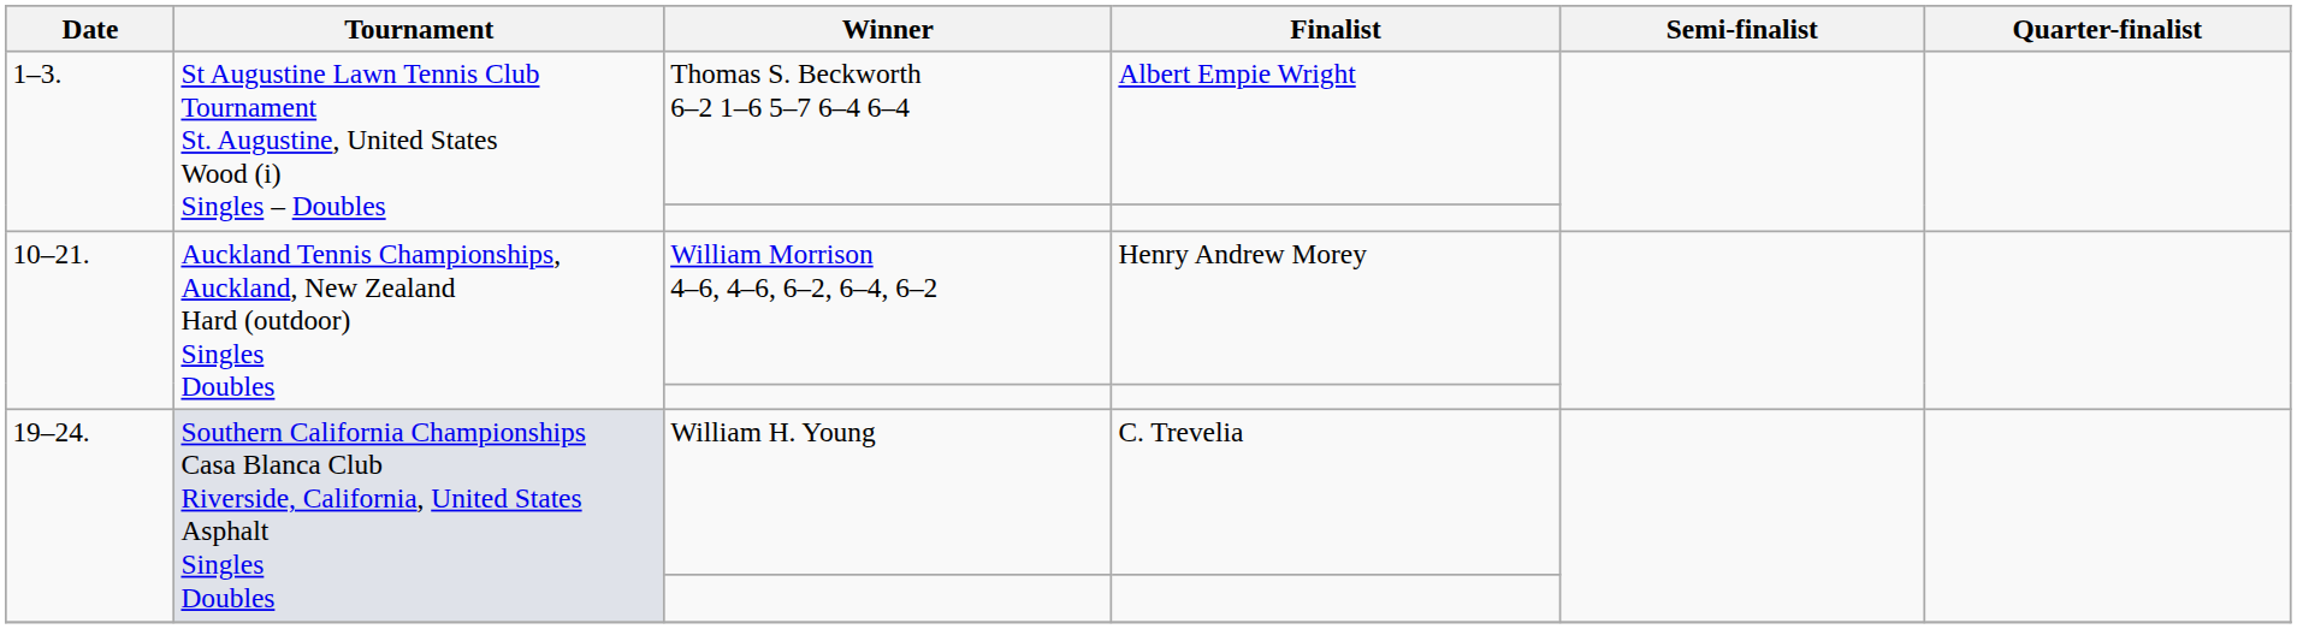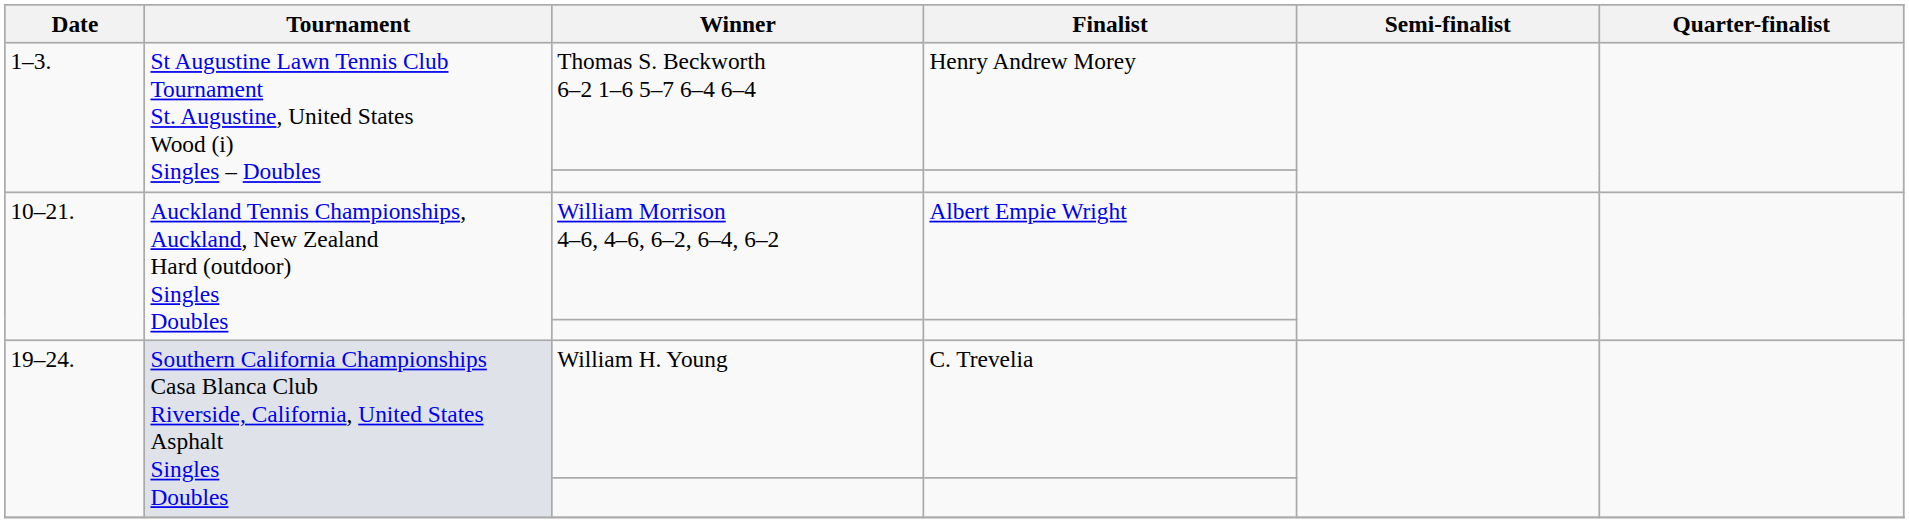 <table class="wikitable" style="font-size:85%;">
 <tr>
 <th width="75">Date</th>
 <th width="230">Tournament</th>
 <th width="210">Winner</th>
 <th width="210">Finalist</th>
 <th width="170">Semi-finalist</th>
 <th width="170">Quarter-finalist</th>
 </tr>
 <tr valign=top>
 <td rowspan=2>1–3.</td>
 <td rowspan=2><a href='#'>St Augustine Lawn Tennis Club Tournament</a><br><a href='#'>St. Augustine</a>, United States<br>Wood (i)<br><a href='#'>Singles</a> – <a href='#'>Doubles</a></td>
 <td> Thomas S. Beckworth<br>6–2 1–6 5–7 6–4 6–4</td>
-<td> <a href='#'>Albert Empie Wright</a></td>
+<td> Henry Andrew Morey</td>
 <td rowspan=2></td>
 <td rowspan=2></td>
 </tr>
 <tr valign=top>
 <td></td>
 <td></td>
 </tr>
 <tr valign=top>
 <td rowspan=2>10–21.</td>
 <td rowspan=2><a href='#'>Auckland Tennis Championships</a>, <a href='#'>Auckland</a>, New Zealand<br>Hard (outdoor)<br><a href='#'>Singles</a><br><a href='#'>Doubles</a></td>
 <td> <a href='#'>William Morrison</a> <br>4–6, 4–6, 6–2, 6–4, 6–2</td>
-<td> Henry Andrew Morey</td>
+<td> <a href='#'>Albert Empie Wright</a></td>
 <td rowspan=2></td>
 <td rowspan=2></td>
 </tr>
 <tr valign=top>
 <td></td>
 <td></td>
 </tr>
 <tr valign=top>
 <td rowspan=2>19–24.</td>
 <td style="background:#dfe2e9" rowspan=2><a href='#'>Southern California Championships</a><br>Casa Blanca Club<br><a href='#'>Riverside, California</a>, <a href='#'>United States</a><br>Asphalt<br><a href='#'>Singles</a><br><a href='#'>Doubles</a></td>
 <td> William H. Young<br></td>
 <td> C. Trevelia</td>
 <td rowspan=2></td>
 <td rowspan=2></td>
 </tr>
 <tr valign=top>
 <td></td>
 <td></td>
 </tr>
 <tr valign=top>
 </tr>
 </table>
